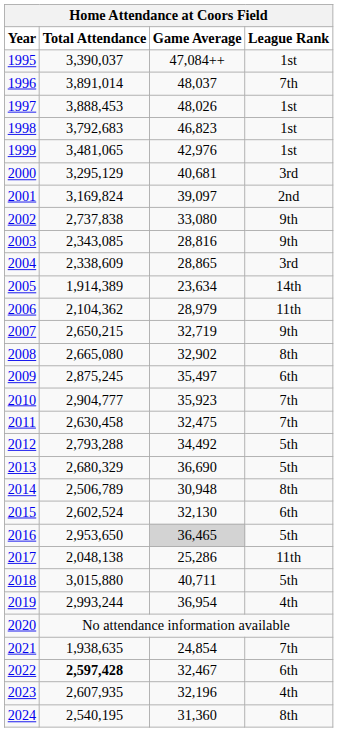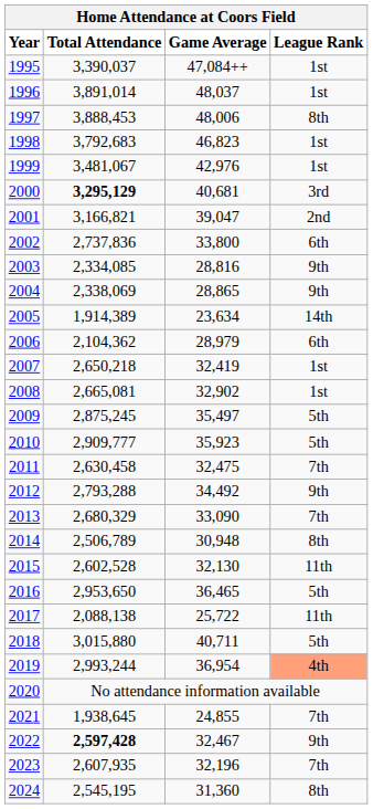 <table class="wikitable" style="text-align:center">
 <tr>
 <th colspan=5>Home Attendance at Coors Field</th>
 </tr>
 <tr style="background:#FFFFFF; color:#000000;">
 <td><strong>Year</strong></td>
 <td><strong>Total Attendance</strong></td>
 <td><strong>Game Average</strong></td>
 <td><strong>League Rank</strong></td>
 </tr>
 <tr>
 <td><a href='#'>1995</a></td>
 <td>3,390,037</td>
 <td>47,084++</td>
 <td>1st</td>
 </tr>
 <tr>
 <td><a href='#'>1996</a></td>
 <td>3,891,014</td>
 <td>48,037</td>
-<td>7th</td>
+<td>1st</td>
 </tr>
 <tr>
 <td><a href='#'>1997</a></td>
 <td>3,888,453</td>
-<td>48,026</td>
-<td>1st</td>
+<td>48,006</td>
+<td>8th</td>
 </tr>
 <tr>
 <td><a href='#'>1998</a></td>
 <td>3,792,683</td>
 <td>46,823</td>
 <td>1st</td>
 </tr>
 <tr>
 <td><a href='#'>1999</a></td>
-<td>3,481,065</td>
+<td>3,481,067</td>
 <td>42,976</td>
 <td>1st</td>
 </tr>
 <tr>
 <td><a href='#'>2000</a></td>
-<td>3,295,129</td>
+<td><strong>3,295,129</strong></td>
 <td>40,681</td>
 <td>3rd</td>
 </tr>
 <tr>
 <td><a href='#'>2001</a></td>
-<td>3,169,824</td>
-<td>39,097</td>
+<td>3,166,821</td>
+<td>39,047</td>
 <td>2nd</td>
 </tr>
 <tr>
 <td><a href='#'>2002</a></td>
-<td>2,737,838</td>
-<td>33,080</td>
-<td>9th</td>
+<td>2,737,836</td>
+<td>33,800</td>
+<td>6th</td>
 </tr>
 <tr>
 <td><a href='#'>2003</a></td>
-<td>2,343,085</td>
+<td>2,334,085</td>
 <td>28,816</td>
 <td>9th</td>
 </tr>
 <tr>
 <td><a href='#'>2004</a></td>
-<td>2,338,609</td>
+<td>2,338,069</td>
 <td>28,865</td>
-<td>3rd</td>
+<td>9th</td>
 </tr>
 <tr>
 <td><a href='#'>2005</a></td>
 <td>1,914,389</td>
 <td>23,634</td>
 <td>14th</td>
 </tr>
 <tr>
 <td><a href='#'>2006</a></td>
 <td>2,104,362</td>
 <td>28,979</td>
-<td>11th</td>
+<td>6th</td>
 </tr>
 <tr>
 <td><a href='#'>2007</a></td>
-<td>2,650,215</td>
-<td>32,719</td>
-<td>9th</td>
+<td>2,650,218</td>
+<td>32,419</td>
+<td>1st</td>
 </tr>
 <tr>
 <td><a href='#'>2008</a></td>
-<td>2,665,080</td>
+<td>2,665,081</td>
 <td>32,902</td>
-<td>8th</td>
+<td>1st</td>
 </tr>
 <tr>
 <td><a href='#'>2009</a></td>
 <td>2,875,245</td>
 <td>35,497</td>
-<td>6th</td>
+<td>5th</td>
 </tr>
 <tr>
 <td><a href='#'>2010</a></td>
-<td>2,904,777</td>
+<td>2,909,777</td>
 <td>35,923</td>
-<td>7th</td>
+<td>5th</td>
 </tr>
 <tr>
 <td><a href='#'>2011</a></td>
 <td>2,630,458</td>
 <td>32,475</td>
 <td>7th</td>
 </tr>
 <tr>
 <td><a href='#'>2012</a></td>
 <td>2,793,288</td>
 <td>34,492</td>
-<td>5th</td>
+<td>9th</td>
 </tr>
 <tr>
 <td><a href='#'>2013</a></td>
 <td>2,680,329</td>
-<td>36,690</td>
-<td>5th</td>
+<td>33,090</td>
+<td>7th</td>
 </tr>
 <tr>
 <td><a href='#'>2014</a></td>
 <td>2,506,789</td>
 <td>30,948</td>
 <td>8th</td>
 </tr>
 <tr>
 <td><a href='#'>2015</a></td>
-<td>2,602,524</td>
+<td>2,602,528</td>
 <td>32,130</td>
-<td>6th</td>
+<td>11th</td>
 </tr>
 <tr>
 <td><a href='#'>2016</a></td>
 <td>2,953,650</td>
-<td style="background: lightgrey;">36,465</td>
+<td>36,465</td>
 <td>5th</td>
 </tr>
 <tr>
 <td><a href='#'>2017</a></td>
-<td>2,048,138</td>
-<td>25,286</td>
+<td>2,088,138</td>
+<td>25,722</td>
 <td>11th</td>
 </tr>
 <tr>
 <td><a href='#'>2018</a></td>
 <td>3,015,880</td>
 <td>40,711</td>
 <td>5th</td>
 </tr>
 <tr>
 <td><a href='#'>2019</a></td>
 <td>2,993,244</td>
 <td>36,954</td>
-<td>4th</td>
+<td style="background: lightsalmon;">4th</td>
 </tr>
 <tr>
 <td><a href='#'>2020</a></td>
 <td colspan=3>No attendance information available</td>
 </tr>
 <tr>
 <td><a href='#'>2021</a></td>
-<td>1,938,635</td>
-<td>24,854</td>
+<td>1,938,645</td>
+<td>24,855</td>
 <td>7th</td>
 </tr>
 <tr>
 <td><a href='#'>2022</a></td>
 <td><strong>2,597,428</strong></td>
 <td>32,467</td>
-<td>6th</td>
+<td>9th</td>
 </tr>
 <tr>
 <td><a href='#'>2023</a></td>
 <td>2,607,935</td>
 <td>32,196</td>
-<td>4th</td>
+<td>7th</td>
 </tr>
 <tr>
 <td><a href='#'>2024</a></td>
-<td>2,540,195</td>
+<td>2,545,195</td>
 <td>31,360</td>
 <td>8th</td>
 </tr>
 </table>
